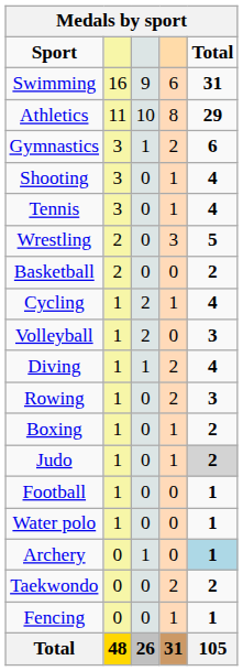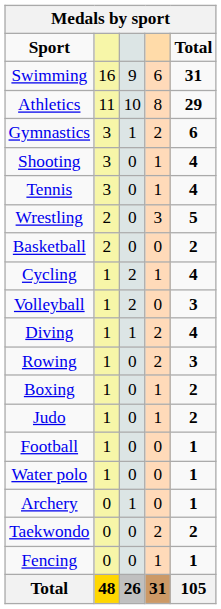 <table class=wikitable style="font-size:85%; float:right;text-align:center">
 <tr bgcolor=EFEFEF>
 <th colspan=7>Medals by sport</th>
 </tr>
 <tr>
 <td><strong>Sport</strong></td>
 <td bgcolor=F7F6A8></td>
 <td bgcolor=DCE5E5></td>
 <td bgcolor=FFDBA9></td>
 <td><strong>Total</strong></td>
 </tr>
 <tr>
 <td><a href='#'>Swimming</a></td>
 <td bgcolor=F7F6A8>16</td>
 <td bgcolor=DCE5E5>9</td>
 <td bgcolor=FFDAB9>6</td>
 <td><strong>31</strong></td>
 </tr>
 <tr>
 <td><a href='#'>Athletics</a></td>
 <td bgcolor=F7F6A8>11</td>
 <td bgcolor=DCE5E5>10</td>
 <td bgcolor=FFDAB9>8</td>
 <td><strong>29</strong></td>
 </tr>
 <tr>
 <td><a href='#'>Gymnastics</a></td>
 <td bgcolor=F7F6A8>3</td>
 <td bgcolor=DCE5E5>1</td>
 <td bgcolor=FFDAB9>2</td>
 <td><strong>6</strong></td>
 </tr>
 <tr>
 <td><a href='#'>Shooting</a></td>
 <td bgcolor=F7F6A8>3</td>
 <td bgcolor=DCE5E5>0</td>
 <td bgcolor=FFDAB9>1</td>
 <td><strong>4</strong></td>
 </tr>
 <tr>
 <td><a href='#'>Tennis</a></td>
 <td bgcolor=F7F6A8>3</td>
 <td bgcolor=DCE5E5>0</td>
 <td bgcolor=FFDAB9>1</td>
 <td><strong>4</strong></td>
 </tr>
 <tr>
 <td><a href='#'>Wrestling</a></td>
 <td bgcolor=F7F6A8>2</td>
 <td bgcolor=DCE5E5>0</td>
 <td bgcolor=FFDAB9>3</td>
 <td><strong>5</strong></td>
 </tr>
 <tr>
 <td><a href='#'>Basketball</a></td>
 <td bgcolor=F7F6A8>2</td>
 <td bgcolor=DCE5E5>0</td>
 <td bgcolor=FFDAB9>0</td>
 <td><strong>2</strong></td>
 </tr>
 <tr>
 <td><a href='#'>Cycling</a></td>
 <td bgcolor=F7F6A8>1</td>
 <td bgcolor=DCE5E5>2</td>
 <td bgcolor=FFDAB9>1</td>
 <td><strong>4</strong></td>
 </tr>
 <tr>
 <td><a href='#'>Volleyball</a></td>
 <td bgcolor=F7F6A8>1</td>
 <td bgcolor=DCE5E5>2</td>
 <td bgcolor=FFDAB9>0</td>
 <td><strong>3</strong></td>
 </tr>
 <tr>
 <td><a href='#'>Diving</a></td>
 <td bgcolor=F7F6A8>1</td>
 <td bgcolor=DCE5E5>1</td>
 <td bgcolor=FFDAB9>2</td>
 <td><strong>4</strong></td>
 </tr>
 <tr>
 <td><a href='#'>Rowing</a></td>
 <td bgcolor=F7F6A8>1</td>
 <td bgcolor=DCE5E5>0</td>
 <td bgcolor=FFDAB9>2</td>
 <td><strong>3</strong></td>
 </tr>
 <tr>
 <td><a href='#'>Boxing</a></td>
 <td bgcolor=F7F6A8>1</td>
 <td bgcolor=DCE5E5>0</td>
 <td bgcolor=FFDAB9>1</td>
 <td><strong>2</strong></td>
 </tr>
 <tr>
 <td><a href='#'>Judo</a></td>
 <td bgcolor=F7F6A8>1</td>
 <td bgcolor=DCE5E5>0</td>
 <td bgcolor=FFDAB9>1</td>
-<td style="background: lightgrey;"><strong>2</strong></td>
+<td><strong>2</strong></td>
 </tr>
 <tr>
 <td><a href='#'>Football</a></td>
 <td bgcolor=F7F6A8>1</td>
 <td bgcolor=DCE5E5>0</td>
 <td bgcolor=FFDAB9>0</td>
 <td><strong>1</strong></td>
 </tr>
 <tr>
 <td><a href='#'>Water polo</a></td>
 <td bgcolor=F7F6A8>1</td>
 <td bgcolor=DCE5E5>0</td>
 <td bgcolor=FFDAB9>0</td>
 <td><strong>1</strong></td>
 </tr>
 <tr>
 <td><a href='#'>Archery</a></td>
 <td bgcolor=F7F6A8>0</td>
 <td bgcolor=DCE5E5>1</td>
 <td bgcolor=FFDAB9>0</td>
-<td style="background: lightblue;"><strong>1</strong></td>
+<td><strong>1</strong></td>
 </tr>
 <tr>
 <td><a href='#'>Taekwondo</a></td>
 <td bgcolor=F7F6A8>0</td>
 <td bgcolor=DCE5E5>0</td>
 <td bgcolor=FFDAB9>2</td>
 <td><strong>2</strong></td>
 </tr>
 <tr>
 <td><a href='#'>Fencing</a></td>
 <td bgcolor=F7F6A8>0</td>
 <td bgcolor=DCE5E5>0</td>
 <td bgcolor=FFDAB9>1</td>
 <td><strong>1</strong></td>
 </tr>
 <tr>
 <th>Total</th>
 <th style=background:gold>48</th>
 <th style=background:silver>26</th>
 <th style=background:#C96>31</th>
 <th>105</th>
 </tr>
 </table>
